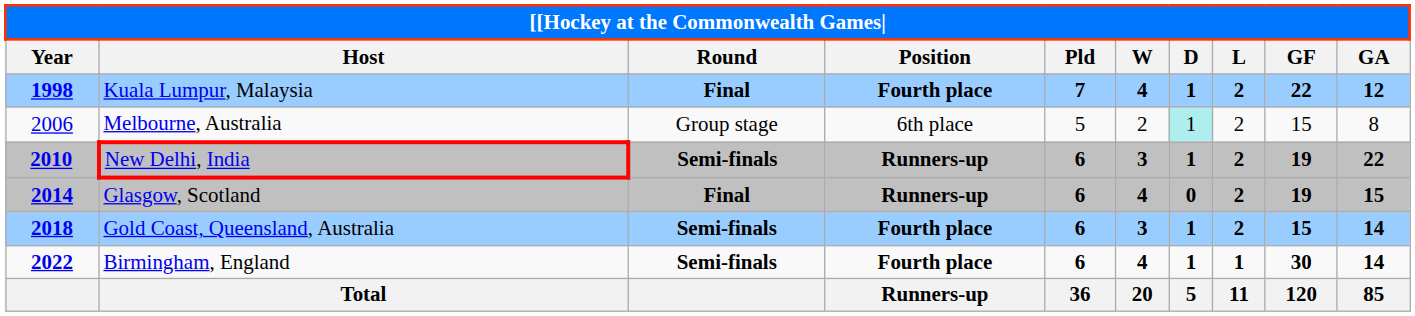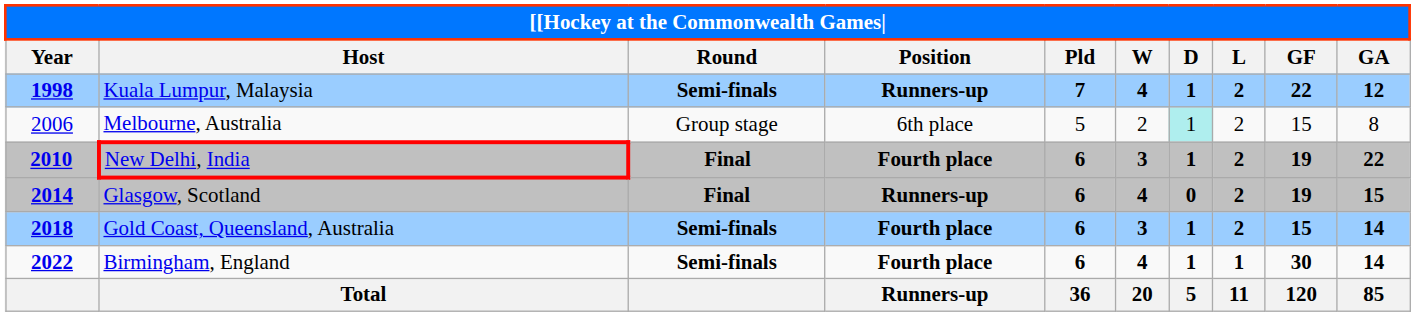 <table class="wikitable" style="text-align: center; width:85%">
 <tr>
 <th colspan=10 style="background: #0077FF;border: 2px solid #ff3300;color: #FFFFFF;">[[Hockey at the Commonwealth Games|</th>
 </tr>
 <tr>
 <th>Year</th>
 <th>Host</th>
 <th>Round</th>
 <th>Position</th>
 <th>Pld</th>
 <th>W</th>
 <th>D</th>
 <th>L</th>
 <th>GF</th>
 <th>GA</th>
 </tr>
 <tr style="background:#9acdff;">
 <td><strong><a href='#'>1998</a></strong></td>
 <td align=left> <a href='#'>Kuala Lumpur</a>, Malaysia</td>
-<td><strong>Final</strong></td>
-<td><strong>Fourth place</strong></td>
+<td><strong>Semi-finals</strong></td>
+<td><strong>Runners-up</strong></td>
 <td><strong>7</strong></td>
 <td><strong>4</strong></td>
 <td><strong>1</strong></td>
 <td><strong>2</strong></td>
 <td><strong>22</strong></td>
 <td><strong>12</strong></td>
 </tr>
 <tr>
 <td><a href='#'>2006</a></td>
 <td align=left> <a href='#'>Melbourne</a>, Australia</td>
 <td>Group stage</td>
 <td>6th place</td>
 <td>5</td>
 <td>2</td>
 <td style="background: paleturquoise;">1</td>
 <td>2</td>
 <td>15</td>
 <td>8</td>
 </tr>
 <tr style="background:Silver;">
 <td><strong><a href='#'>2010</a></strong></td>
 <td style="border: 3px solid red"align=left> <a href='#'>New Delhi</a>, <a href='#'>India</a></td>
-<td><strong>Semi-finals</strong></td>
-<td><strong>Runners-up</strong></td>
+<td><strong>Final</strong></td>
+<td><strong>Fourth place</strong></td>
 <td><strong>6</strong></td>
 <td><strong>3</strong></td>
 <td><strong>1</strong></td>
 <td><strong>2</strong></td>
 <td><strong>19</strong></td>
 <td><strong>22</strong></td>
 </tr>
 <tr style="background:Silver;">
 <td><strong><a href='#'>2014</a></strong></td>
 <td align=left> <a href='#'>Glasgow</a>, Scotland</td>
 <td><strong>Final</strong></td>
 <td><strong>Runners-up</strong></td>
 <td><strong>6</strong></td>
 <td><strong>4</strong></td>
 <td><strong>0</strong></td>
 <td><strong>2</strong></td>
 <td><strong>19</strong></td>
 <td><strong>15</strong></td>
 </tr>
 <tr style="background:#9acdff;">
 <td><strong><a href='#'>2018</a></strong></td>
 <td align=left> <a href='#'>Gold Coast, Queensland</a>, Australia</td>
 <td><strong>Semi-finals</strong></td>
 <td><strong>Fourth place</strong></td>
 <td><strong>6</strong></td>
 <td><strong>3</strong></td>
 <td><strong>1</strong></td>
 <td><strong>2</strong></td>
 <td><strong>15</strong></td>
 <td><strong>14</strong></td>
 </tr>
 <tr -style="background:Silver;">
 <td><strong><a href='#'>2022</a></strong></td>
 <td align=left> <a href='#'>Birmingham</a>, England</td>
 <td><strong>Semi-finals</strong></td>
 <td><strong>Fourth place</strong></td>
 <td><strong>6</strong></td>
 <td><strong>4</strong></td>
 <td><strong>1</strong></td>
 <td><strong>1</strong></td>
 <td><strong>30</strong></td>
 <td><strong>14</strong></td>
 </tr>
 <tr>
 <th></th>
 <th>Total</th>
 <th></th>
 <th>Runners-up</th>
 <th>36</th>
 <th>20</th>
 <th>5</th>
 <th>11</th>
 <th>120</th>
 <th>85</th>
 </tr>
 </table>
